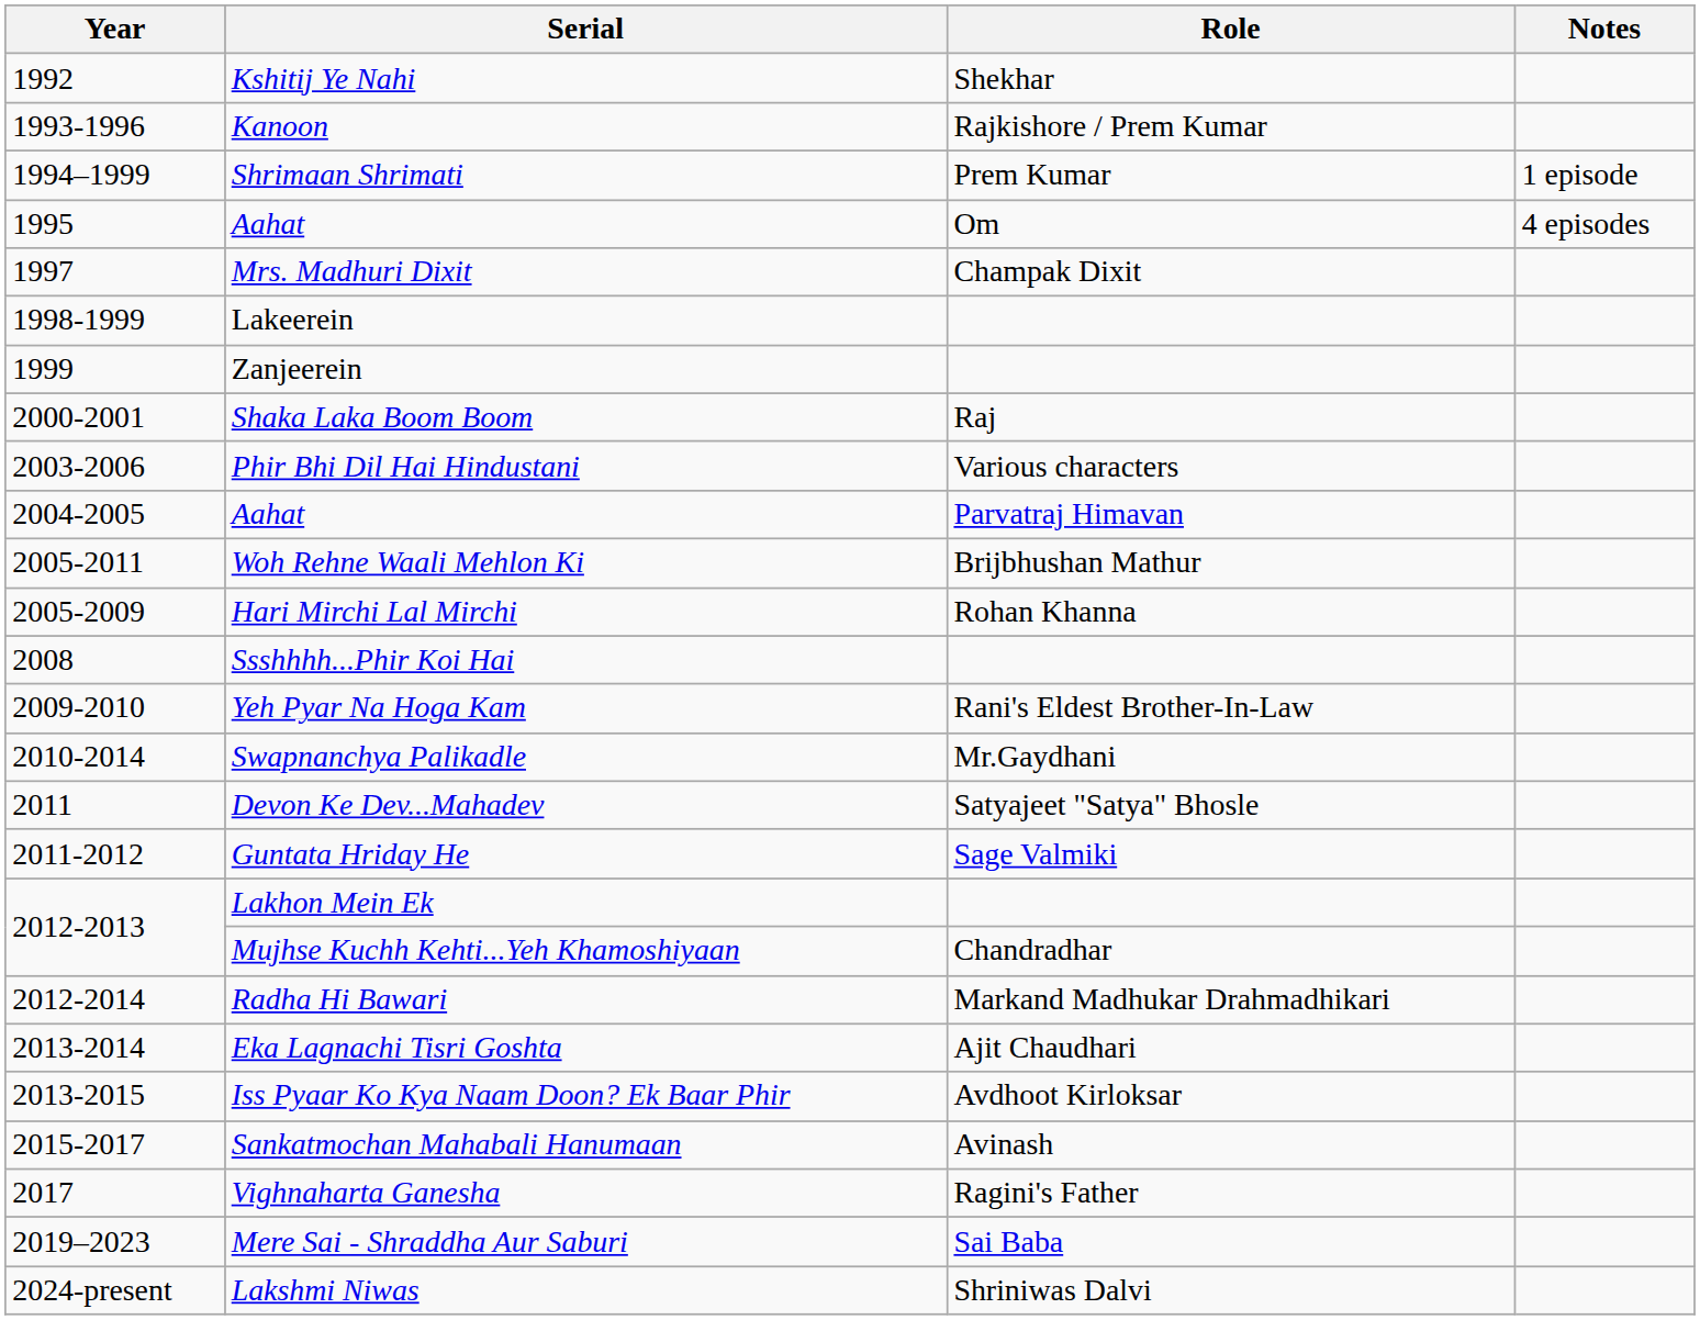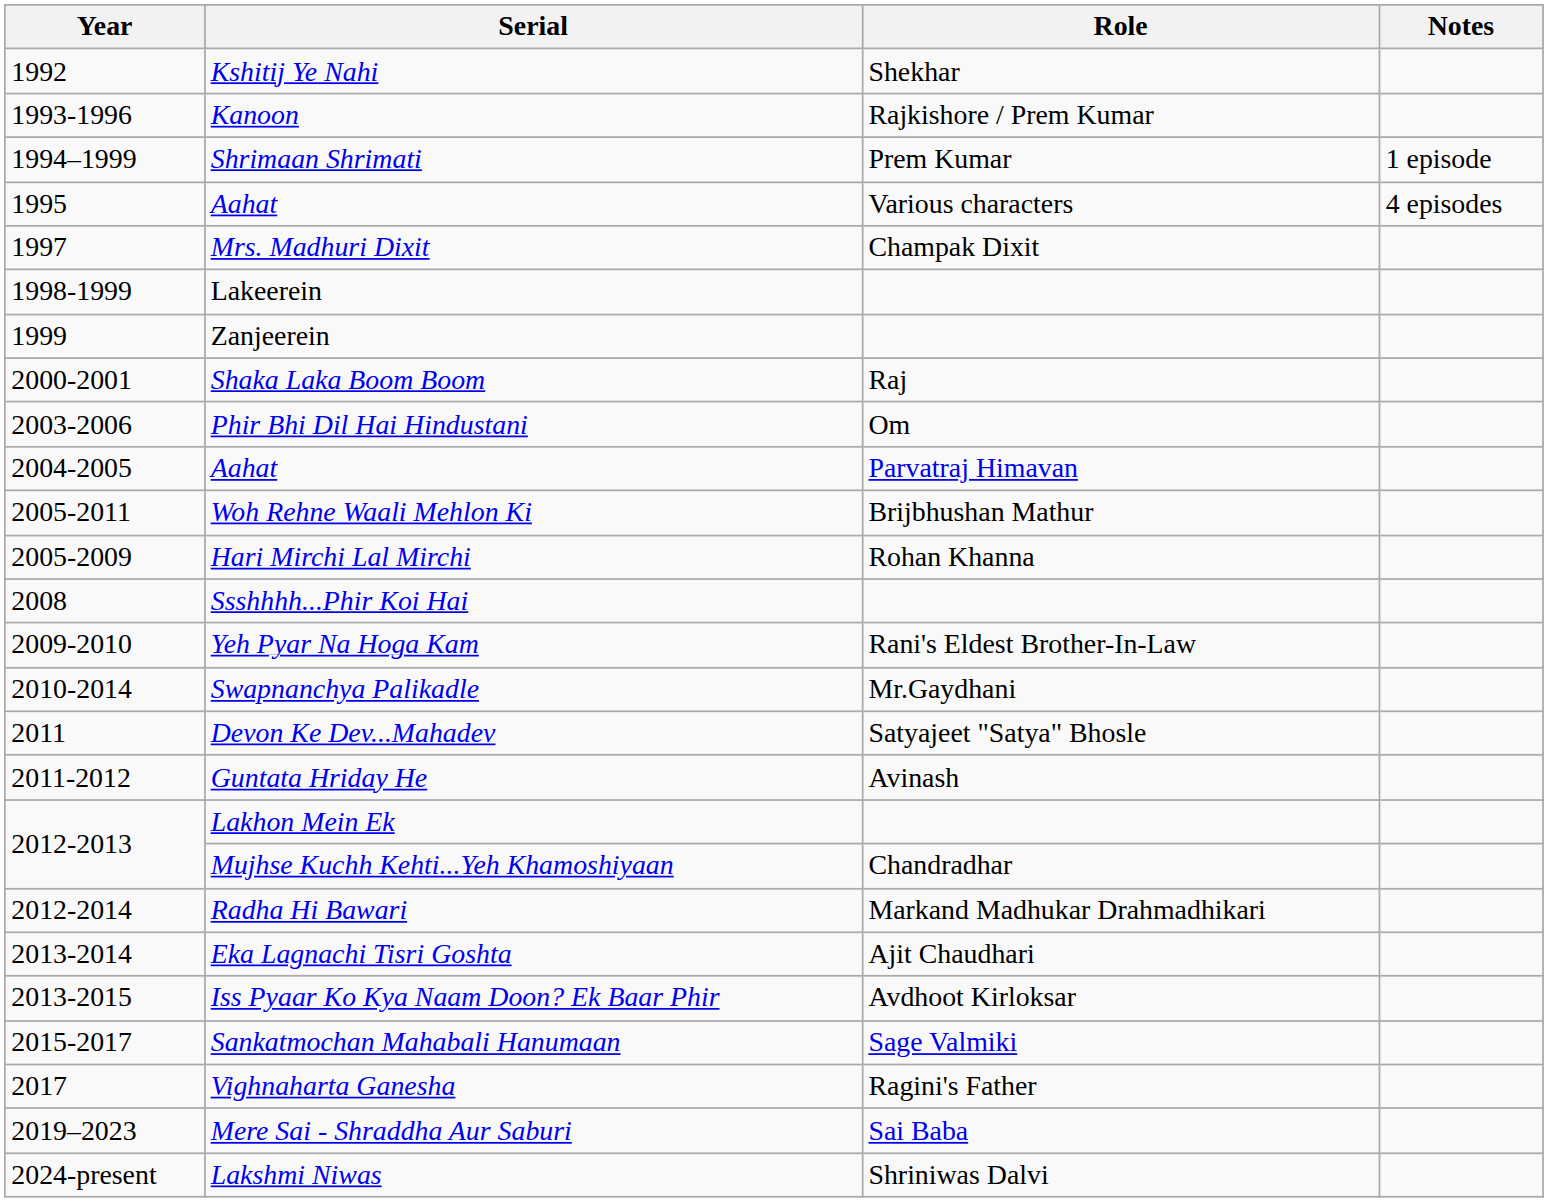 <table class="wikitable sortable" style="width:70%;">
 <tr>
 <th>Year</th>
 <th>Serial</th>
 <th>Role</th>
 <th>Notes</th>
 </tr>
 <tr>
 <td>1992</td>
 <td><em><a href='#'>Kshitij Ye Nahi</a></em></td>
 <td>Shekhar</td>
 <td></td>
 </tr>
 <tr>
 <td>1993-1996</td>
 <td><em><a href='#'>Kanoon</a></em></td>
 <td>Rajkishore / Prem Kumar</td>
 <td></td>
 </tr>
 <tr>
 <td>1994–1999</td>
 <td><em><a href='#'>Shrimaan Shrimati</a></em></td>
 <td>Prem Kumar</td>
 <td>1 episode</td>
 </tr>
 <tr>
 <td>1995</td>
 <td><em><a href='#'>Aahat</a></em></td>
-<td>Om</td>
+<td>Various characters</td>
 <td>4 episodes</td>
 </tr>
 <tr>
 <td>1997</td>
 <td><em><a href='#'>Mrs. Madhuri Dixit</a></em></td>
 <td>Champak Dixit</td>
 <td></td>
 </tr>
 <tr>
 <td>1998-1999</td>
 <td>Lakeerein</td>
 <td></td>
 <td></td>
 </tr>
 <tr>
 <td>1999</td>
 <td>Zanjeerein</td>
 <td></td>
 <td></td>
 </tr>
 <tr>
 <td>2000-2001</td>
 <td><em><a href='#'>Shaka Laka Boom Boom</a></em></td>
 <td>Raj</td>
 <td></td>
 </tr>
 <tr>
 <td>2003-2006</td>
 <td><em><a href='#'>Phir Bhi Dil Hai Hindustani</a></em></td>
-<td>Various characters</td>
+<td>Om</td>
 <td></td>
 </tr>
 <tr>
 <td>2004-2005</td>
 <td><em><a href='#'>Aahat</a></em></td>
 <td><a href='#'>Parvatraj Himavan</a></td>
 <td></td>
 </tr>
 <tr>
 <td>2005-2011</td>
 <td><em><a href='#'>Woh Rehne Waali Mehlon Ki</a></em></td>
 <td>Brijbhushan Mathur</td>
 <td></td>
 </tr>
 <tr>
 <td>2005-2009</td>
 <td><em><a href='#'>Hari Mirchi Lal Mirchi</a></em></td>
 <td>Rohan Khanna</td>
 <td></td>
 </tr>
 <tr>
 <td>2008</td>
 <td><em><a href='#'>Ssshhhh...Phir Koi Hai</a></em></td>
 <td></td>
 <td></td>
 </tr>
 <tr>
 <td>2009-2010</td>
 <td><em><a href='#'>Yeh Pyar Na Hoga Kam</a></em></td>
 <td>Rani's Eldest Brother-In-Law</td>
 <td></td>
 </tr>
 <tr>
 <td>2010-2014</td>
 <td><em><a href='#'>Swapnanchya Palikadle</a></em></td>
 <td>Mr.Gaydhani</td>
 <td></td>
 </tr>
 <tr>
 <td>2011</td>
 <td><em><a href='#'>Devon Ke Dev...Mahadev</a></em></td>
 <td>Satyajeet "Satya" Bhosle</td>
 <td></td>
 </tr>
 <tr>
 <td>2011-2012</td>
 <td><em><a href='#'>Guntata Hriday He</a></em></td>
-<td><a href='#'>Sage Valmiki</a></td>
+<td>Avinash</td>
 <td></td>
 </tr>
 <tr>
 <td Rowspan="2">2012-2013</td>
 <td><em><a href='#'>Lakhon Mein Ek</a></em></td>
 <td></td>
 <td></td>
 </tr>
 <tr>
 <td><em><a href='#'>Mujhse Kuchh Kehti...Yeh Khamoshiyaan</a></em></td>
 <td>Chandradhar</td>
 <td></td>
 </tr>
 <tr>
 <td>2012-2014</td>
 <td><em><a href='#'>Radha Hi Bawari</a></em></td>
 <td>Markand Madhukar Drahmadhikari</td>
 <td></td>
 </tr>
 <tr>
 <td>2013-2014</td>
 <td><em><a href='#'>Eka Lagnachi Tisri Goshta</a></em></td>
 <td>Ajit Chaudhari</td>
 <td></td>
 </tr>
 <tr>
 <td>2013-2015</td>
 <td><em><a href='#'>Iss Pyaar Ko Kya Naam Doon? Ek Baar Phir</a></em></td>
 <td>Avdhoot Kirloksar</td>
 <td></td>
 </tr>
 <tr>
 <td>2015-2017</td>
 <td><em><a href='#'>Sankatmochan Mahabali Hanumaan</a></em></td>
-<td>Avinash</td>
+<td><a href='#'>Sage Valmiki</a></td>
 <td></td>
 </tr>
 <tr>
 <td>2017</td>
 <td><em><a href='#'>Vighnaharta Ganesha</a></em></td>
 <td>Ragini's Father</td>
 <td></td>
 </tr>
 <tr>
 <td>2019–2023</td>
 <td><em><a href='#'>Mere Sai - Shraddha Aur Saburi</a></em></td>
 <td><a href='#'>Sai Baba</a></td>
 <td></td>
 </tr>
 <tr>
 <td>2024-present</td>
 <td><em><a href='#'>Lakshmi Niwas</a></em></td>
 <td>Shriniwas Dalvi</td>
 <td></td>
 </tr>
 </table>
